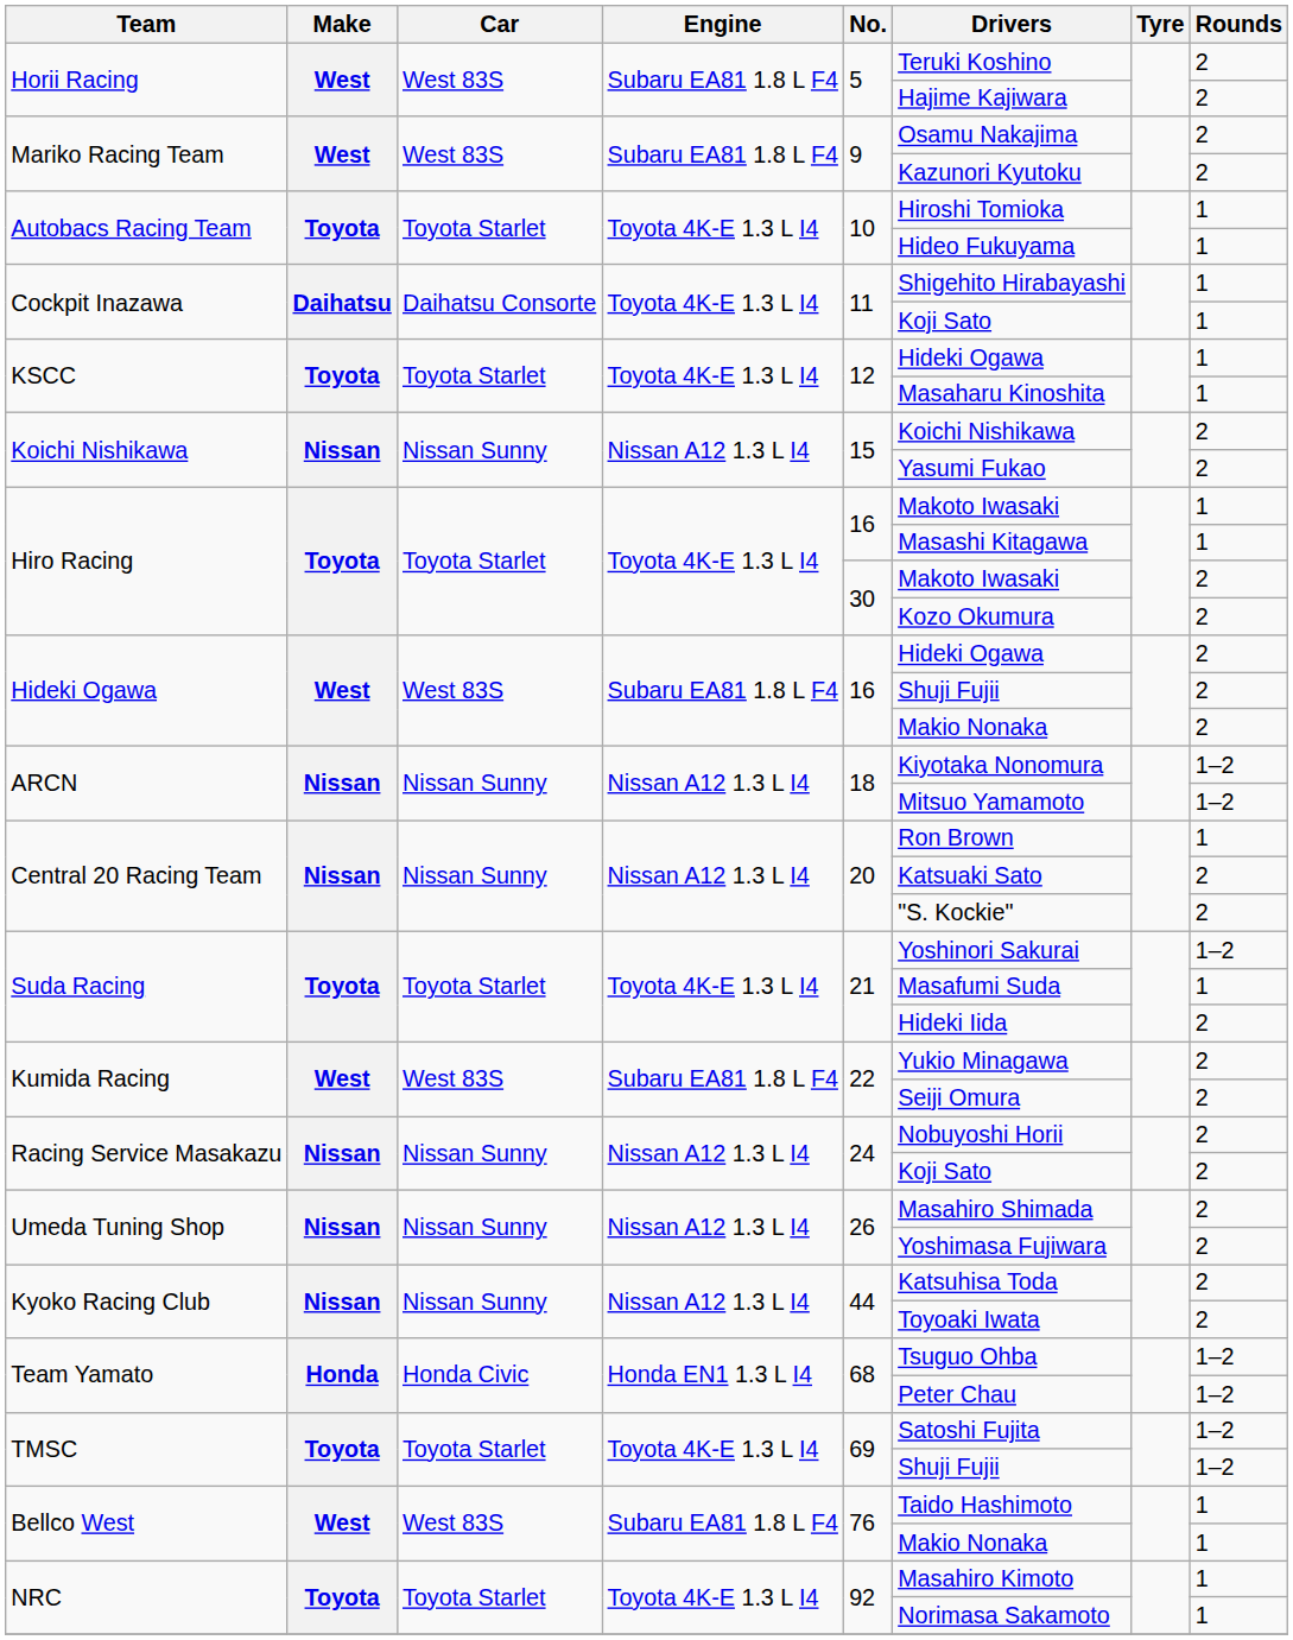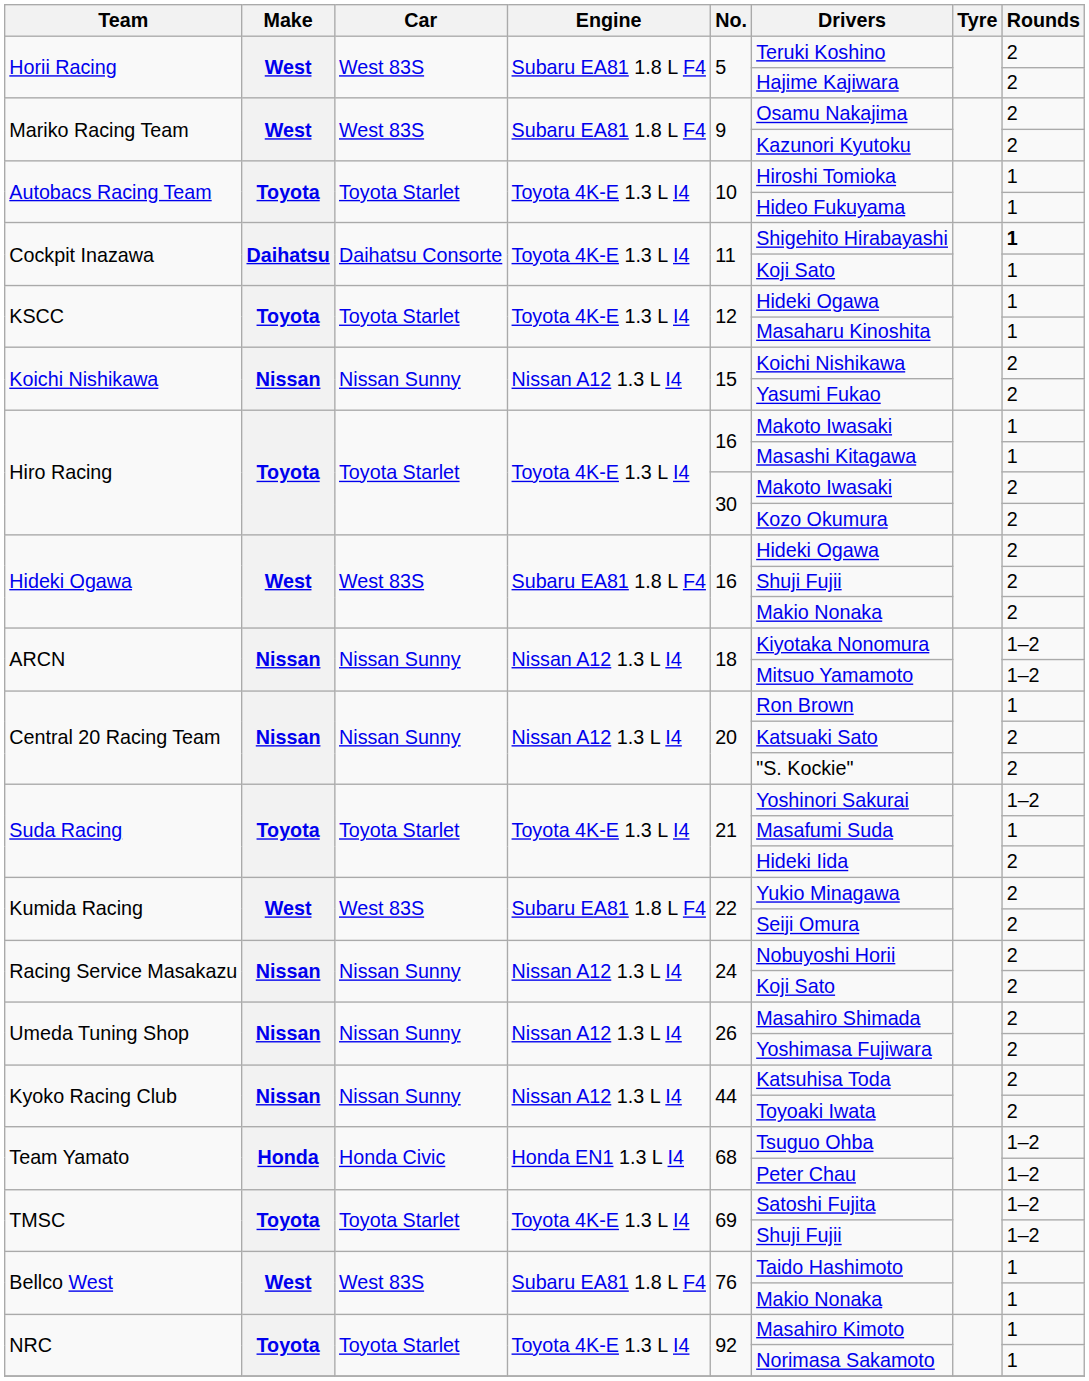 <table class="wikitable" style="font-size: 90%;">
 <tr>
 <th>Team</th>
 <th>Make</th>
 <th>Car</th>
 <th>Engine</th>
 <th>No.</th>
 <th>Drivers</th>
 <th>Tyre</th>
 <th>Rounds</th>
 </tr>
 <tr>
 <td rowspan=2><a href='#'>Horii Racing</a></td>
 <th rowspan=2><a href='#'>West</a></th>
 <td rowspan=2><a href='#'>West 83S</a></td>
 <td rowspan=2><a href='#'>Subaru EA81</a> 1.8 L <a href='#'>F4</a></td>
 <td rowspan=2>5</td>
 <td> <a href='#'>Teruki Koshino</a></td>
 <td align=center rowspan=2></td>
 <td>2</td>
 </tr>
 <tr>
 <td> <a href='#'>Hajime Kajiwara</a></td>
 <td>2</td>
 </tr>
 <tr>
 <td rowspan=2>Mariko Racing Team</td>
 <th rowspan=2><a href='#'>West</a></th>
 <td rowspan=2><a href='#'>West 83S</a></td>
 <td rowspan=2><a href='#'>Subaru EA81</a> 1.8 L <a href='#'>F4</a></td>
 <td rowspan=2>9</td>
 <td> <a href='#'>Osamu Nakajima</a></td>
 <td align=center rowspan=2></td>
 <td>2</td>
 </tr>
 <tr>
 <td> <a href='#'>Kazunori Kyutoku</a></td>
 <td>2</td>
 </tr>
 <tr>
 <td rowspan=2><a href='#'>Autobacs Racing Team</a></td>
 <th rowspan=2><a href='#'>Toyota</a></th>
 <td rowspan=2><a href='#'>Toyota Starlet</a></td>
 <td rowspan=2><a href='#'>Toyota 4K-E</a> 1.3 L <a href='#'>I4</a></td>
 <td rowspan=2>10</td>
 <td> <a href='#'>Hiroshi Tomioka</a></td>
 <td align=center rowspan=2></td>
 <td>1</td>
 </tr>
 <tr>
 <td> <a href='#'>Hideo Fukuyama</a></td>
 <td>1</td>
 </tr>
 <tr>
 <td rowspan=2>Cockpit Inazawa</td>
 <th rowspan=2><a href='#'>Daihatsu</a></th>
 <td rowspan=2><a href='#'>Daihatsu Consorte</a></td>
 <td rowspan=2><a href='#'>Toyota 4K-E</a> 1.3 L <a href='#'>I4</a></td>
 <td rowspan=2>11</td>
 <td> <a href='#'>Shigehito Hirabayashi</a></td>
 <td align=center rowspan=2></td>
-<td>1</td>
+<td><strong>1</strong></td>
 </tr>
 <tr>
 <td> <a href='#'>Koji Sato</a></td>
 <td>1</td>
 </tr>
 <tr>
 <td rowspan=2>KSCC</td>
 <th rowspan=2><a href='#'>Toyota</a></th>
 <td rowspan=2><a href='#'>Toyota Starlet</a></td>
 <td rowspan=2><a href='#'>Toyota 4K-E</a> 1.3 L <a href='#'>I4</a></td>
 <td rowspan=2>12</td>
 <td> <a href='#'>Hideki Ogawa</a></td>
 <td align=center rowspan=2></td>
 <td>1</td>
 </tr>
 <tr>
 <td> <a href='#'>Masaharu Kinoshita</a></td>
 <td>1</td>
 </tr>
 <tr>
 <td rowspan=2><a href='#'>Koichi Nishikawa</a></td>
 <th rowspan=2><a href='#'>Nissan</a></th>
 <td rowspan=2><a href='#'>Nissan Sunny</a></td>
 <td rowspan=2><a href='#'>Nissan A12</a> 1.3 L <a href='#'>I4</a></td>
 <td rowspan=2>15</td>
 <td> <a href='#'>Koichi Nishikawa</a></td>
 <td align=center rowspan=2></td>
 <td>2</td>
 </tr>
 <tr>
 <td> <a href='#'>Yasumi Fukao</a></td>
 <td>2</td>
 </tr>
 <tr>
 <td rowspan=4>Hiro Racing</td>
 <th rowspan=4><a href='#'>Toyota</a></th>
 <td rowspan=4><a href='#'>Toyota Starlet</a></td>
 <td rowspan=4><a href='#'>Toyota 4K-E</a> 1.3 L <a href='#'>I4</a></td>
 <td rowspan=2>16</td>
 <td> <a href='#'>Makoto Iwasaki</a></td>
 <td align=center rowspan=4></td>
 <td>1</td>
 </tr>
 <tr>
 <td> <a href='#'>Masashi Kitagawa</a></td>
 <td>1</td>
 </tr>
 <tr>
 <td rowspan=2>30</td>
 <td> <a href='#'>Makoto Iwasaki</a></td>
 <td>2</td>
 </tr>
 <tr>
 <td> <a href='#'>Kozo Okumura</a></td>
 <td>2</td>
 </tr>
 <tr>
 <td rowspan=3><a href='#'>Hideki Ogawa</a></td>
 <th rowspan=3><a href='#'>West</a></th>
 <td rowspan=3><a href='#'>West 83S</a></td>
 <td rowspan=3><a href='#'>Subaru EA81</a> 1.8 L <a href='#'>F4</a></td>
 <td rowspan=3>16</td>
 <td> <a href='#'>Hideki Ogawa</a></td>
 <td align=center rowspan=3></td>
 <td>2</td>
 </tr>
 <tr>
 <td> <a href='#'>Shuji Fujii</a></td>
 <td>2</td>
 </tr>
 <tr>
 <td> <a href='#'>Makio Nonaka</a></td>
 <td>2</td>
 </tr>
 <tr>
 <td rowspan=2>ARCN</td>
 <th rowspan=2><a href='#'>Nissan</a></th>
 <td rowspan=2><a href='#'>Nissan Sunny</a></td>
 <td rowspan=2><a href='#'>Nissan A12</a> 1.3 L <a href='#'>I4</a></td>
 <td rowspan=2>18</td>
 <td> <a href='#'>Kiyotaka Nonomura</a></td>
 <td align=center rowspan=2></td>
 <td>1–2</td>
 </tr>
 <tr>
 <td> <a href='#'>Mitsuo Yamamoto</a></td>
 <td>1–2</td>
 </tr>
 <tr>
 <td rowspan=3>Central 20 Racing Team</td>
 <th rowspan=3><a href='#'>Nissan</a></th>
 <td rowspan=3><a href='#'>Nissan Sunny</a></td>
 <td rowspan=3><a href='#'>Nissan A12</a> 1.3 L <a href='#'>I4</a></td>
 <td rowspan=3>20</td>
 <td> <a href='#'>Ron Brown</a></td>
 <td align=center rowspan=3></td>
 <td>1</td>
 </tr>
 <tr>
 <td> <a href='#'>Katsuaki Sato</a></td>
 <td>2</td>
 </tr>
 <tr>
 <td> "S. Kockie"</td>
 <td>2</td>
 </tr>
 <tr>
 <td rowspan=3><a href='#'>Suda Racing</a></td>
 <th rowspan=3><a href='#'>Toyota</a></th>
 <td rowspan=3><a href='#'>Toyota Starlet</a></td>
 <td rowspan=3><a href='#'>Toyota 4K-E</a> 1.3 L <a href='#'>I4</a></td>
 <td rowspan=3>21</td>
 <td> <a href='#'>Yoshinori Sakurai</a></td>
 <td align=center rowspan=3></td>
 <td>1–2</td>
 </tr>
 <tr>
 <td> <a href='#'>Masafumi Suda</a></td>
 <td>1</td>
 </tr>
 <tr>
 <td> <a href='#'>Hideki Iida</a></td>
 <td>2</td>
 </tr>
 <tr>
 <td rowspan=2>Kumida Racing</td>
 <th rowspan=2><a href='#'>West</a></th>
 <td rowspan=2><a href='#'>West 83S</a></td>
 <td rowspan=2><a href='#'>Subaru EA81</a> 1.8 L <a href='#'>F4</a></td>
 <td rowspan=2>22</td>
 <td> <a href='#'>Yukio Minagawa</a></td>
 <td align=center rowspan=2></td>
 <td>2</td>
 </tr>
 <tr>
 <td> <a href='#'>Seiji Omura</a></td>
 <td>2</td>
 </tr>
 <tr>
 <td rowspan=2>Racing Service Masakazu</td>
 <th rowspan=2><a href='#'>Nissan</a></th>
 <td rowspan=2><a href='#'>Nissan Sunny</a></td>
 <td rowspan=2><a href='#'>Nissan A12</a> 1.3 L <a href='#'>I4</a></td>
 <td rowspan=2>24</td>
 <td> <a href='#'>Nobuyoshi Horii</a></td>
 <td align=center rowspan=2></td>
 <td>2</td>
 </tr>
 <tr>
 <td> <a href='#'>Koji Sato</a></td>
 <td>2</td>
 </tr>
 <tr>
 <td rowspan=2>Umeda Tuning Shop</td>
 <th rowspan=2><a href='#'>Nissan</a></th>
 <td rowspan=2><a href='#'>Nissan Sunny</a></td>
 <td rowspan=2><a href='#'>Nissan A12</a> 1.3 L <a href='#'>I4</a></td>
 <td rowspan=2>26</td>
 <td> <a href='#'>Masahiro Shimada</a></td>
 <td align=center rowspan=2></td>
 <td>2</td>
 </tr>
 <tr>
 <td> <a href='#'>Yoshimasa Fujiwara</a></td>
 <td>2</td>
 </tr>
 <tr>
 <td rowspan=2>Kyoko Racing Club</td>
 <th rowspan=2><a href='#'>Nissan</a></th>
 <td rowspan=2><a href='#'>Nissan Sunny</a></td>
 <td rowspan=2><a href='#'>Nissan A12</a> 1.3 L <a href='#'>I4</a></td>
 <td rowspan=2>44</td>
 <td> <a href='#'>Katsuhisa Toda</a></td>
 <td align=center rowspan=2></td>
 <td>2</td>
 </tr>
 <tr>
 <td> <a href='#'>Toyoaki Iwata</a></td>
 <td>2</td>
 </tr>
 <tr>
 <td rowspan=2>Team Yamato</td>
 <th rowspan=2><a href='#'>Honda</a></th>
 <td rowspan=2><a href='#'>Honda Civic</a></td>
 <td rowspan=2><a href='#'>Honda EN1</a> 1.3 L <a href='#'>I4</a></td>
 <td rowspan=2>68</td>
 <td> <a href='#'>Tsuguo Ohba</a></td>
 <td align=center rowspan=2></td>
 <td>1–2</td>
 </tr>
 <tr>
 <td> <a href='#'>Peter Chau</a></td>
 <td>1–2</td>
 </tr>
 <tr>
 <td rowspan=2>TMSC</td>
 <th rowspan=2><a href='#'>Toyota</a></th>
 <td rowspan=2><a href='#'>Toyota Starlet</a></td>
 <td rowspan=2><a href='#'>Toyota 4K-E</a> 1.3 L <a href='#'>I4</a></td>
 <td rowspan=2>69</td>
 <td> <a href='#'>Satoshi Fujita</a></td>
 <td align=center rowspan=2></td>
 <td>1–2</td>
 </tr>
 <tr>
 <td> <a href='#'>Shuji Fujii</a></td>
 <td>1–2</td>
 </tr>
 <tr>
 <td rowspan=2>Bellco <a href='#'>West</a></td>
 <th rowspan=2><a href='#'>West</a></th>
 <td rowspan=2><a href='#'>West 83S</a></td>
 <td rowspan=2><a href='#'>Subaru EA81</a> 1.8 L <a href='#'>F4</a></td>
 <td rowspan=2>76</td>
 <td> <a href='#'>Taido Hashimoto</a></td>
 <td align=center rowspan=2></td>
 <td>1</td>
 </tr>
 <tr>
 <td> <a href='#'>Makio Nonaka</a></td>
 <td>1</td>
 </tr>
 <tr>
 <td rowspan=2>NRC</td>
 <th rowspan=2><a href='#'>Toyota</a></th>
 <td rowspan=2><a href='#'>Toyota Starlet</a></td>
 <td rowspan=2><a href='#'>Toyota 4K-E</a> 1.3 L <a href='#'>I4</a></td>
 <td rowspan=2>92</td>
 <td> <a href='#'>Masahiro Kimoto</a></td>
 <td align=center rowspan=2></td>
 <td>1</td>
 </tr>
 <tr>
 <td> <a href='#'>Norimasa Sakamoto</a></td>
 <td>1</td>
 </tr>
 <tr>
 </tr>
 </table>
